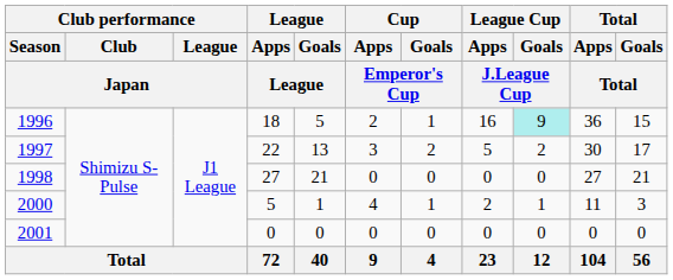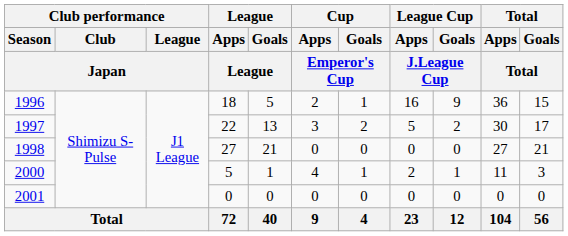 <table class="wikitable" style="text-align:center;">
 <tr>
 <th colspan=3>Club performance</th>
 <th colspan=2>League</th>
 <th colspan=2>Cup</th>
 <th colspan=2>League Cup</th>
 <th colspan=2>Total</th>
 </tr>
 <tr>
 <th>Season</th>
 <th>Club</th>
 <th>League</th>
 <th>Apps</th>
 <th>Goals</th>
 <th>Apps</th>
 <th>Goals</th>
 <th>Apps</th>
 <th>Goals</th>
 <th>Apps</th>
 <th>Goals</th>
 </tr>
 <tr>
 <th colspan=3>Japan</th>
 <th colspan=2>League</th>
 <th colspan=2><a href='#'>Emperor's Cup</a></th>
 <th colspan=2><a href='#'>J.League Cup</a></th>
 <th colspan=2>Total</th>
 </tr>
 <tr>
 <td><a href='#'>1996</a></td>
 <td rowspan="5"><a href='#'>Shimizu S-Pulse</a></td>
 <td rowspan="5"><a href='#'>J1 League</a></td>
 <td>18</td>
 <td>5</td>
 <td>2</td>
 <td>1</td>
 <td>16</td>
-<td style="background: paleturquoise;">9</td>
+<td>9</td>
 <td>36</td>
 <td>15</td>
 </tr>
 <tr>
 <td><a href='#'>1997</a></td>
 <td>22</td>
 <td>13</td>
 <td>3</td>
 <td>2</td>
 <td>5</td>
 <td>2</td>
 <td>30</td>
 <td>17</td>
 </tr>
 <tr>
 <td><a href='#'>1998</a></td>
 <td>27</td>
 <td>21</td>
 <td>0</td>
 <td>0</td>
 <td>0</td>
 <td>0</td>
 <td>27</td>
 <td>21</td>
 </tr>
 <tr>
 <td><a href='#'>2000</a></td>
 <td>5</td>
 <td>1</td>
 <td>4</td>
 <td>1</td>
 <td>2</td>
 <td>1</td>
 <td>11</td>
 <td>3</td>
 </tr>
 <tr>
 <td><a href='#'>2001</a></td>
 <td>0</td>
 <td>0</td>
 <td>0</td>
 <td>0</td>
 <td>0</td>
 <td>0</td>
 <td>0</td>
 <td>0</td>
 </tr>
 <tr>
 <th colspan=3>Total</th>
 <th>72</th>
 <th>40</th>
 <th>9</th>
 <th>4</th>
 <th>23</th>
 <th>12</th>
 <th>104</th>
 <th>56</th>
 </tr>
 </table>
